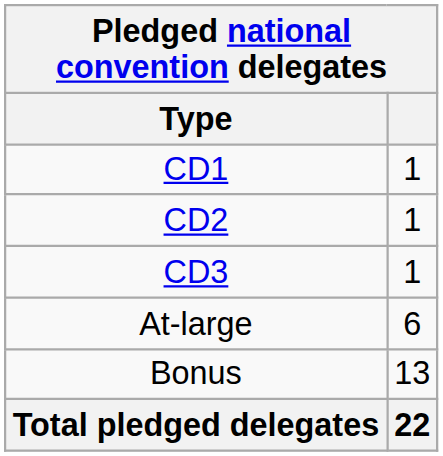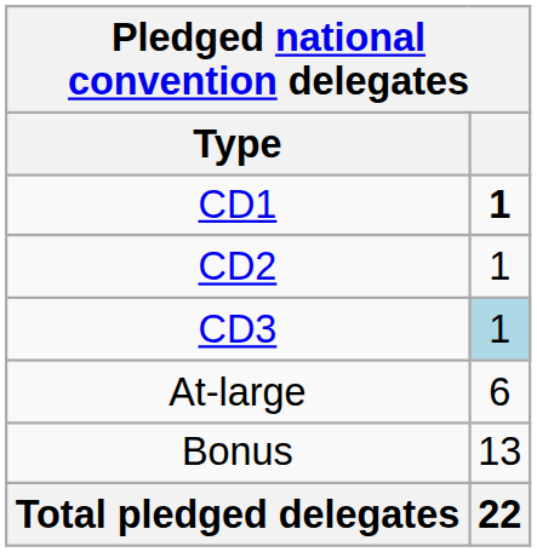 <table class="wikitable sortable" style="font-size:90%;text-align:center;float:none;padding:5px;">
 <tr>
 <th colspan="2">Pledged <a href='#'>national<br>convention</a> delegates</th>
 </tr>
 <tr>
 <th>Type</th>
 <th></th>
 </tr>
 <tr>
 <td><a href='#'>CD1</a></td>
-<td>1</td>
+<td><strong>1</strong></td>
 </tr>
 <tr>
 <td><a href='#'>CD2</a></td>
 <td>1</td>
 </tr>
 <tr>
 <td><a href='#'>CD3</a></td>
-<td>1</td>
+<td style="background: lightblue;">1</td>
 </tr>
 <tr>
 <td>At-large</td>
 <td>6</td>
 </tr>
 <tr>
 <td>Bonus</td>
 <td>13</td>
 </tr>
 <tr>
 <th>Total pledged delegates</th>
 <th>22</th>
 </tr>
 </table>
